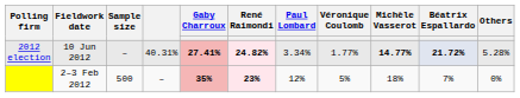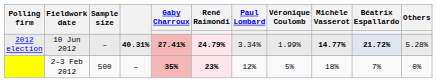 <table class="wikitable sortable" style="text-align:center;font-size:90%;line-height:14px;">
 <tr style="height:40px;">
 <th style="width:100px;" rowspan="2">Polling firm</th>
 <th style="width:110px;" rowspan="2">Fieldwork date</th>
 <th style="width:35px;" rowspan="2">Sample<br>size</th>
 <th style="width:30px;" rowspan="2"></th>
 <th class="unsortable" style="width:60px;"><a href='#'>Gaby Charroux</a><br></th>
 <th class="unsortable" style="width:60px;">René Raimondi<br></th>
 <th class="unsortable" style="width:60px;"><a href='#'>Paul Lombard</a><br></th>
 <th class="unsortable" style="width:60px;">Véronique Coulomb<br></th>
 <th class="unsortable" style="width:60px;">Michèle Vasserot<br></th>
 <th class="unsortable" style="width:60px;">Béatrix Espallardo<br></th>
 <th class="unsortable" style="width:60px;">Others</th>
 </tr>
 <tr>
 <th style="background:"></th>
 <th style="background:"></th>
 <th style="background:"></th>
 <th style="background:"></th>
 <th style="background:"></th>
 <th style="background:"></th>
 <th style="background:"></th>
 </tr>
 <tr style="background:#E9E9E9;">
 <td><a href='#'>2012 election</a></td>
 <td data-sort-value="2012-06-10">10 Jun 2012</td>
 <td>–</td>
-<td>40.31%</td>
+<td><strong>40.31%</strong></td>
 <td style="background:#F5B6B6;"><strong>27.41%</strong></td>
-<td style="background:#FFE6EC;"><strong>24.82%</strong></td>
+<td style="background:#FFE6EC;"><strong>24.79%</strong></td>
 <td>3.34%</td>
-<td>1.77%</td>
+<td>1.99%</td>
 <td><strong>14.77%</strong></td>
 <td style="background:#E0E5F0;"><strong>21.72%</strong></td>
 <td>5.28%</td>
 </tr>
 <tr>
 <td style="background:yellow;"></td>
 <td data-sort-value="2012-02-03">2–3 Feb 2012</td>
 <td>500</td>
 <td>–</td>
 <td style="background:#F5B6B6;"><strong>35%</strong></td>
 <td style="background:#FFE6EC;"><strong>23%</strong></td>
 <td>12%</td>
 <td>5%</td>
 <td>18%</td>
 <td>7%</td>
 <td>0%</td>
 </tr>
 </table>
